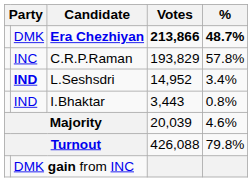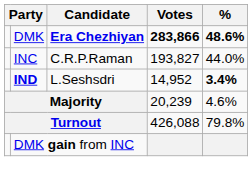 <table class="wikitable">
 <tr>
 <th colspan="2">Party</th>
 <th>Candidate</th>
 <th>Votes</th>
 <th>%</th>
 </tr>
 <tr>
 <td></td>
 <td><a href='#'>DMK</a></td>
 <td><strong><a href='#'>Era Chezhiyan</a></strong></td>
-<td><strong>213,866</strong></td>
-<td><strong>48.7%</strong></td>
+<td><strong>283,866</strong></td>
+<td><strong>48.6%</strong></td>
 </tr>
 <tr>
 <td></td>
 <td><a href='#'>INC</a></td>
 <td>C.R.P.Raman</td>
-<td>193,829</td>
-<td>57.8%</td>
+<td>193,827</td>
+<td>44.0%</td>
 </tr>
 <tr>
 <td></td>
 <td><strong><a href='#'>IND</a></strong></td>
 <td>L.Seshsdri</td>
 <td>14,952</td>
-<td>3.4%</td>
-</tr>
-<tr>
-<td></td>
-<td><a href='#'>IND</a></td>
-<td>I.Bhaktar</td>
-<td>3,443</td>
-<td>0.8%</td>
+<td><strong>3.4%</strong></td>
 </tr>
 <tr>
 <th colspan="3">Majority</th>
-<td>20,039</td>
+<td>20,239</td>
 <td>4.6%</td>
 </tr>
 <tr>
 <th colspan="3"><a href='#'>Turnout</a></th>
 <td>426,088</td>
 <td>79.8%</td>
 </tr>
 <tr>
 <td></td>
 <td colspan="2"><a href='#'>DMK</a> <strong>gain</strong> from <a href='#'>INC</a></td>
 <th></th>
 <th></th>
 </tr>
 </table>
